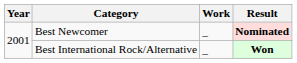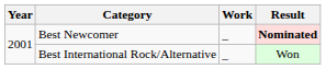 <table class="wikitable">
 <tr>
 <th>Year</th>
 <th>Category</th>
 <th>Work</th>
 <th>Result</th>
 </tr>
 <tr>
 <td rowspan="2">2001</td>
 <td>Best Newcomer</td>
 <td>_</td>
 <td style="background: #ffdddd" align="center" class="table-yes2"><strong>Nominated</strong></td>
 </tr>
 <tr>
 <td>Best International Rock/Alternative</td>
 <td>_</td>
-<td style="background: #ddffdd" align="center" class="table-yes2"><strong>Won</strong></td>
+<td style="background: #ddffdd" align="center" class="table-yes2">Won</td>
 </tr>
 </table>
